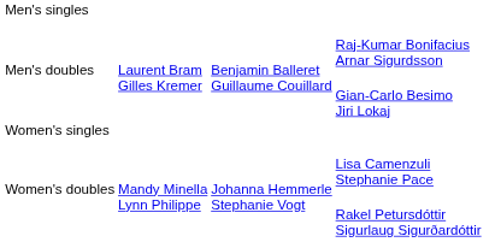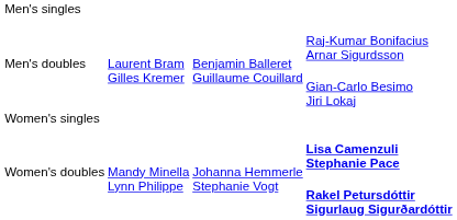 <table>
 <tr>
 <td rowspan=2>Men's singles</td>
 <td rowspan=2></td>
 <td rowspan=2></td>
 <td></td>
 </tr>
 <tr>
 <td></td>
 </tr>
 <tr>
 <td rowspan=2>Men's doubles</td>
 <td rowspan=2><br><a href='#'>Laurent Bram</a><br><a href='#'>Gilles Kremer</a></td>
 <td rowspan=2><br><a href='#'>Benjamin Balleret</a><br><a href='#'>Guillaume Couillard</a></td>
 <td><br><a href='#'>Raj-Kumar Bonifacius</a><br><a href='#'>Arnar Sigurdsson</a></td>
 </tr>
 <tr>
 <td><br><a href='#'>Gian-Carlo Besimo</a><br><a href='#'>Jiri Lokaj</a></td>
 </tr>
 <tr>
 <td rowspan=2>Women's singles</td>
 <td rowspan=2></td>
 <td rowspan=2></td>
 <td></td>
 </tr>
 <tr>
 <td></td>
 </tr>
 <tr>
 <td rowspan=2>Women's doubles</td>
 <td rowspan=2><br><a href='#'>Mandy Minella</a><br><a href='#'>Lynn Philippe</a></td>
 <td rowspan=2><br><a href='#'>Johanna Hemmerle</a><br><a href='#'>Stephanie Vogt</a></td>
-<td><br><a href='#'>Lisa Camenzuli</a><br><a href='#'>Stephanie Pace</a></td>
+<td><strong><br><a href='#'>Lisa Camenzuli</a><br><a href='#'>Stephanie Pace</a></strong></td>
 </tr>
 <tr>
-<td><br><a href='#'>Rakel Petursdóttir</a><br><a href='#'>Sigurlaug Sigurðardóttir</a></td>
+<td><strong><br><a href='#'>Rakel Petursdóttir</a><br><a href='#'>Sigurlaug Sigurðardóttir</a></strong></td>
 </tr>
 </table>
